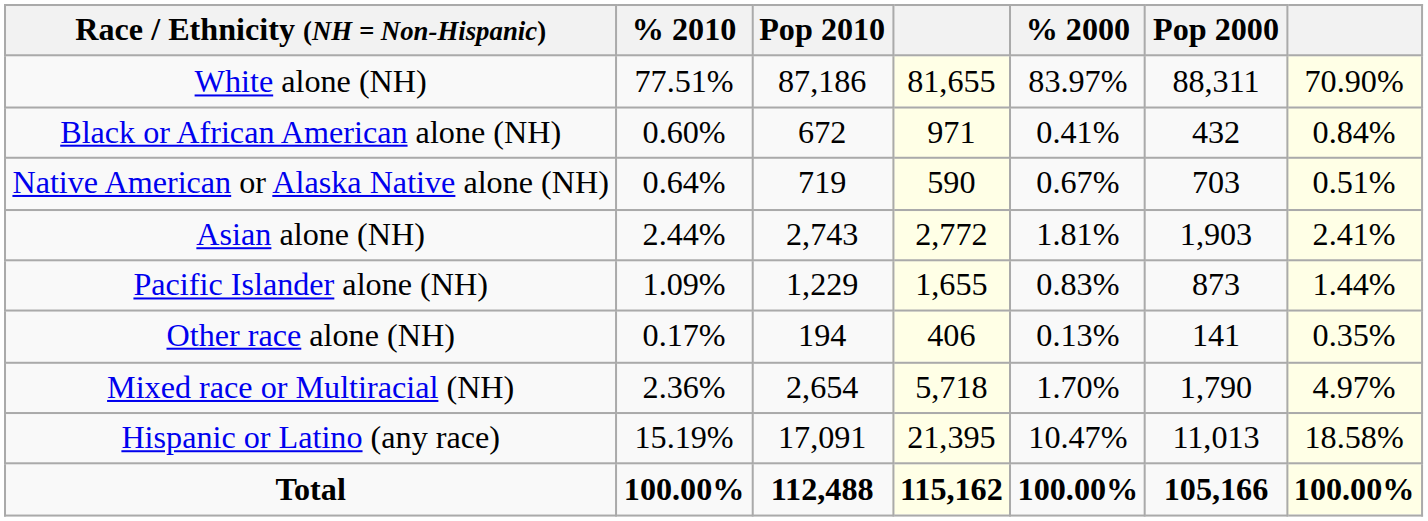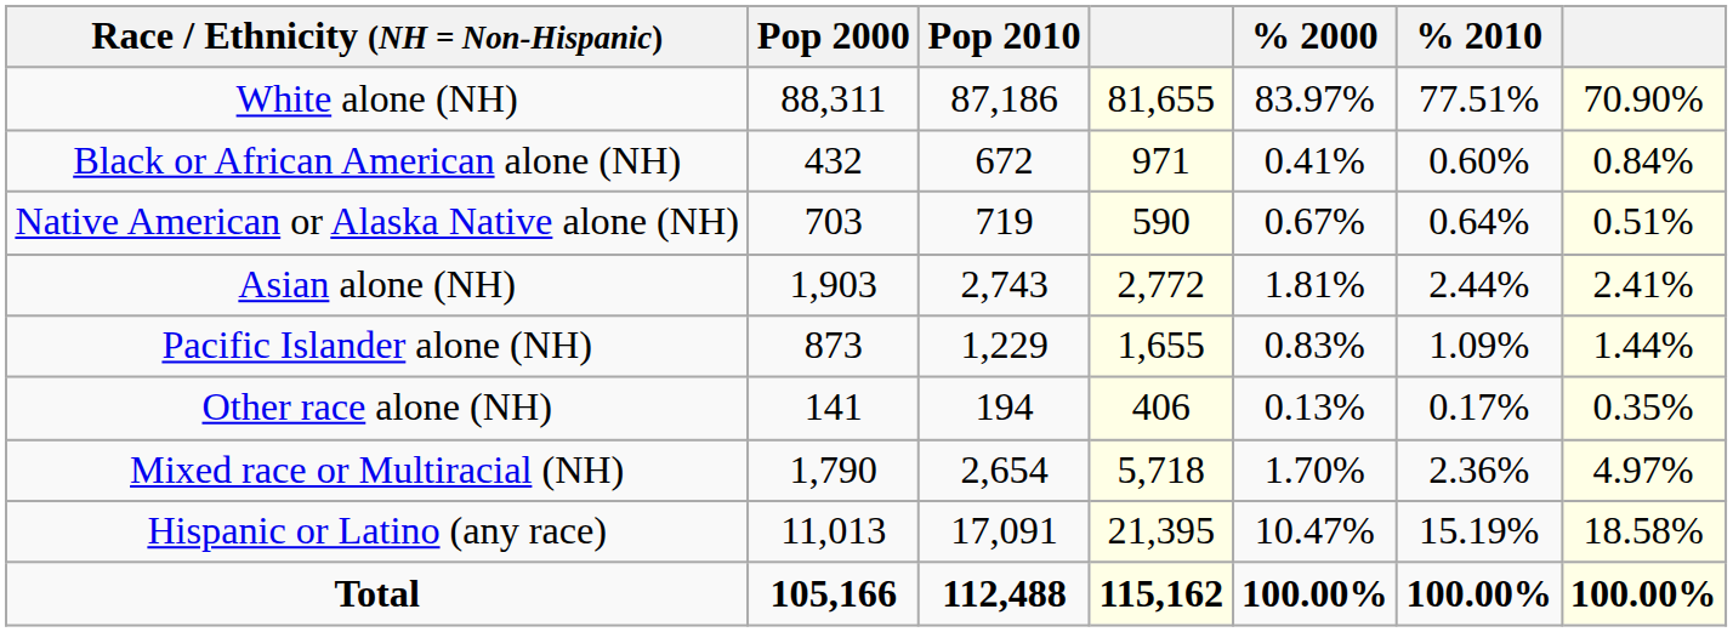 <table class="wikitable" style="text-align:center;">
 <tr>
 <th>Race / Ethnicity <small>(<em>NH = Non-Hispanic</em>)</small></th>
-<th>% 2010</th>
+<th>Pop 2000</th>
 <th>Pop 2010</th>
 <th></th>
 <th>% 2000</th>
-<th>Pop 2000</th>
+<th>% 2010</th>
 <th></th>
 </tr>
 <tr>
 <td><a href='#'>White</a> alone (NH)</td>
-<td>77.51%</td>
+<td>88,311</td>
 <td>87,186</td>
 <td style='background: #ffffe6;'>81,655</td>
 <td>83.97%</td>
-<td>88,311</td>
+<td>77.51%</td>
 <td style='background: #ffffe6;'>70.90%</td>
 </tr>
 <tr>
 <td><a href='#'>Black or African American</a> alone (NH)</td>
-<td>0.60%</td>
+<td>432</td>
 <td>672</td>
 <td style='background: #ffffe6;'>971</td>
 <td>0.41%</td>
-<td>432</td>
+<td>0.60%</td>
 <td style='background: #ffffe6;'>0.84%</td>
 </tr>
 <tr>
 <td><a href='#'>Native American</a> or <a href='#'>Alaska Native</a> alone (NH)</td>
-<td>0.64%</td>
+<td>703</td>
 <td>719</td>
 <td style='background: #ffffe6;'>590</td>
 <td>0.67%</td>
-<td>703</td>
+<td>0.64%</td>
 <td style='background: #ffffe6;'>0.51%</td>
 </tr>
 <tr>
 <td><a href='#'>Asian</a> alone (NH)</td>
-<td>2.44%</td>
+<td>1,903</td>
 <td>2,743</td>
 <td style='background: #ffffe6;'>2,772</td>
 <td>1.81%</td>
-<td>1,903</td>
+<td>2.44%</td>
 <td style='background: #ffffe6;'>2.41%</td>
 </tr>
 <tr>
 <td><a href='#'>Pacific Islander</a> alone (NH)</td>
-<td>1.09%</td>
+<td>873</td>
 <td>1,229</td>
 <td style='background: #ffffe6;'>1,655</td>
 <td>0.83%</td>
-<td>873</td>
+<td>1.09%</td>
 <td style='background: #ffffe6;'>1.44%</td>
 </tr>
 <tr>
 <td><a href='#'>Other race</a> alone (NH)</td>
-<td>0.17%</td>
+<td>141</td>
 <td>194</td>
 <td style='background: #ffffe6;'>406</td>
 <td>0.13%</td>
-<td>141</td>
+<td>0.17%</td>
 <td style='background: #ffffe6;'>0.35%</td>
 </tr>
 <tr>
 <td><a href='#'>Mixed race or Multiracial</a> (NH)</td>
-<td>2.36%</td>
+<td>1,790</td>
 <td>2,654</td>
 <td style='background: #ffffe6;'>5,718</td>
 <td>1.70%</td>
-<td>1,790</td>
+<td>2.36%</td>
 <td style='background: #ffffe6;'>4.97%</td>
 </tr>
 <tr>
 <td><a href='#'>Hispanic or Latino</a> (any race)</td>
-<td>15.19%</td>
+<td>11,013</td>
 <td>17,091</td>
 <td style='background: #ffffe6;'>21,395</td>
 <td>10.47%</td>
-<td>11,013</td>
+<td>15.19%</td>
 <td style='background: #ffffe6;'>18.58%</td>
 </tr>
 <tr>
 <td><strong>Total</strong></td>
-<td><strong>100.00%</strong></td>
+<td><strong>105,166</strong></td>
 <td><strong>112,488</strong></td>
 <td style='background: #ffffe6;'><strong>115,162</strong></td>
 <td><strong>100.00%</strong></td>
-<td><strong>105,166</strong></td>
+<td><strong>100.00%</strong></td>
 <td style='background: #ffffe6;'><strong>100.00%</strong></td>
 </tr>
 </table>
